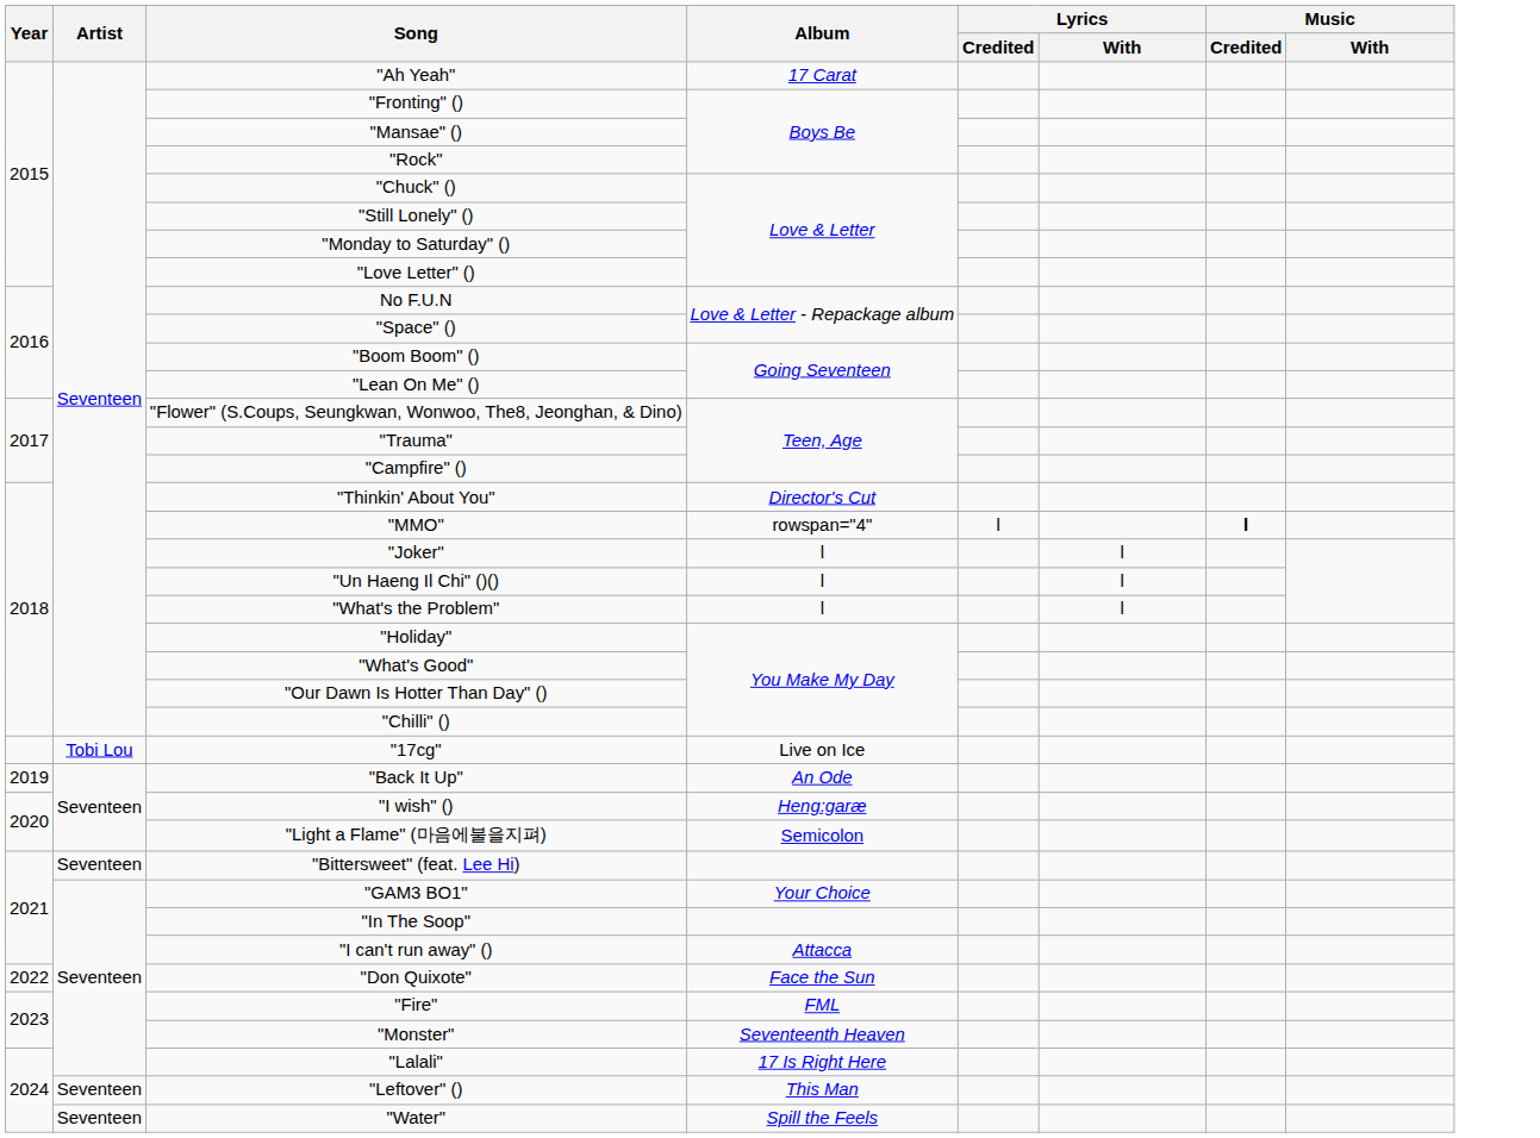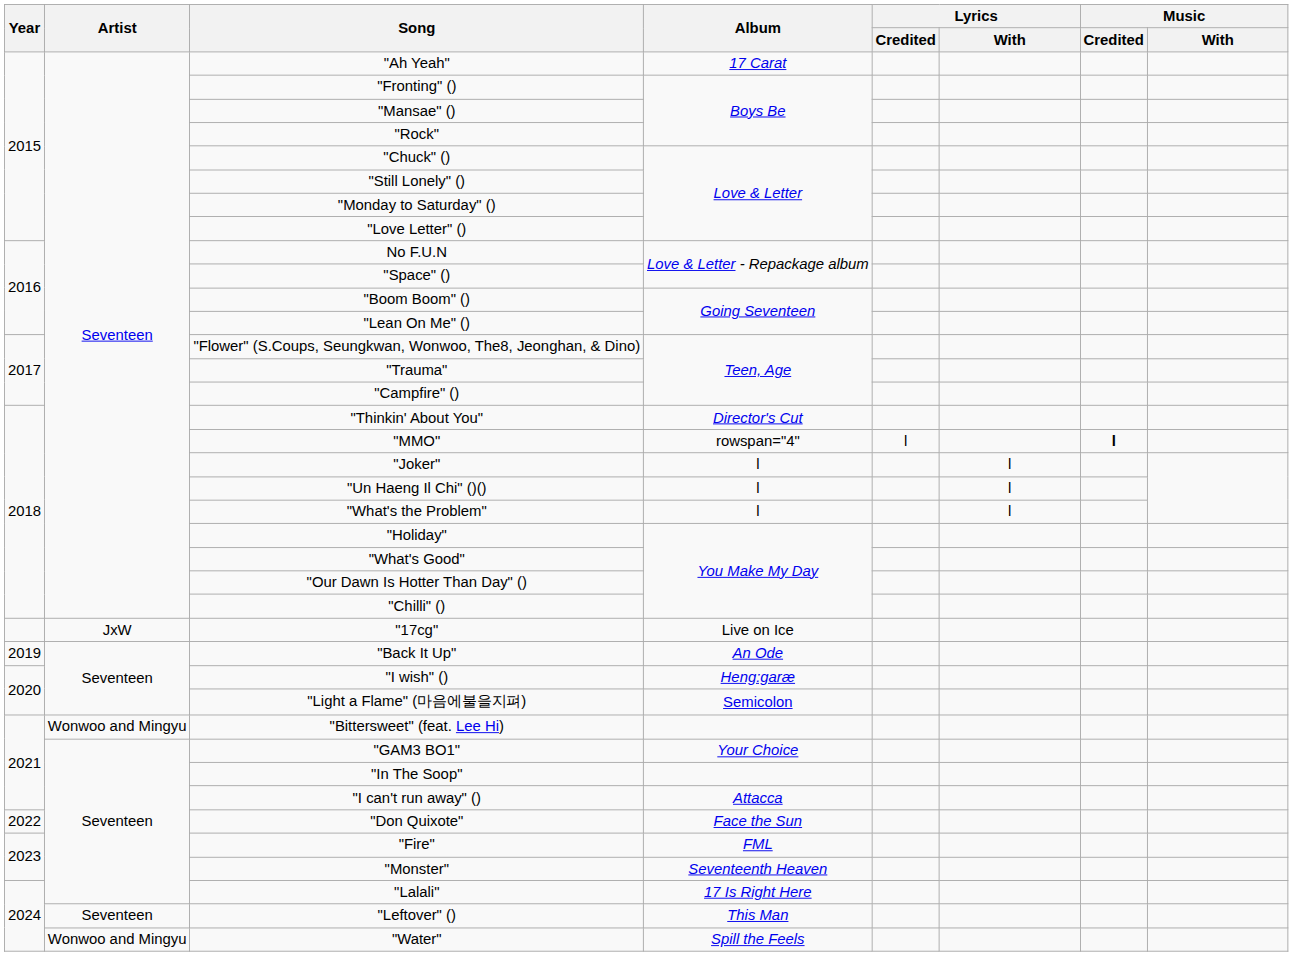 <table class="wikitable plainrowheaders sortable" style="text-align:center; width;100%">
 <tr>
 <th rowspan="2">Year</th>
 <th rowspan="2">Artist</th>
 <th rowspan="2">Song</th>
 <th rowspan="2">Album</th>
 <th colspan="2">Lyrics</th>
 <th colspan="2">Music</th>
 </tr>
 <tr>
 <th style="width:3em;">Credited</th>
 <th style="width:9em;">With</th>
 <th style="width:3em;">Credited</th>
 <th style="width:9em;">With</th>
 </tr>
 <tr>
 <td rowspan="8">2015</td>
 <td rowspan="24"><a href='#'>Seventeen</a></td>
 <td>"Ah Yeah"</td>
 <td><em><a href='#'>17 Carat</a></em></td>
 <td></td>
 <td></td>
 <td></td>
 <td></td>
 </tr>
 <tr>
 <td>"Fronting" () <br></td>
 <td rowspan="3"><em><a href='#'>Boys Be</a></em></td>
 <td></td>
 <td></td>
 <td></td>
 <td></td>
 </tr>
 <tr>
 <td>"Mansae" ()</td>
 <td></td>
 <td></td>
 <td></td>
 <td></td>
 </tr>
 <tr>
 <td>"Rock"</td>
 <td></td>
 <td></td>
 <td></td>
 <td></td>
 </tr>
 <tr>
 <td>"Chuck" ()</td>
 <td rowspan="4"><em><a href='#'>Love & Letter</a></em></td>
 <td></td>
 <td></td>
 <td></td>
 <td></td>
 </tr>
 <tr>
 <td>"Still Lonely" ()</td>
 <td></td>
 <td></td>
 <td></td>
 <td></td>
 </tr>
 <tr>
 <td>"Monday to Saturday" () <br></td>
 <td></td>
 <td></td>
 <td></td>
 <td></td>
 </tr>
 <tr>
 <td>"Love Letter" ()</td>
 <td></td>
 <td></td>
 <td></td>
 <td></td>
 </tr>
 <tr>
 <td rowspan="4">2016</td>
 <td>No F.U.N</td>
 <td rowspan="2"><em><a href='#'>Love & Letter</a> - Repackage album</em></td>
 <td></td>
 <td></td>
 <td></td>
 <td></td>
 </tr>
 <tr>
 <td>"Space" ()</td>
 <td></td>
 <td></td>
 <td></td>
 <td></td>
 </tr>
 <tr>
 <td>"Boom Boom" ()</td>
 <td rowspan="2"><em><a href='#'>Going Seventeen</a></em></td>
 <td></td>
 <td></td>
 <td></td>
 <td></td>
 </tr>
 <tr>
 <td>"Lean On Me" ()<br></td>
 <td></td>
 <td></td>
 <td></td>
 <td></td>
 </tr>
 <tr>
 <td rowspan="3">2017</td>
 <td>"Flower" (S.Coups, Seungkwan, Wonwoo, The8, Jeonghan, & Dino)</td>
 <td rowspan="3"><em><a href='#'>Teen, Age</a></em></td>
 <td></td>
 <td></td>
 <td></td>
 <td></td>
 </tr>
 <tr>
 <td>"Trauma" <br></td>
 <td></td>
 <td></td>
 <td></td>
 <td></td>
 </tr>
 <tr>
 <td>"Campfire" ()</td>
 <td></td>
 <td></td>
 <td></td>
 <td></td>
 </tr>
 <tr>
 <td rowspan="9">2018</td>
 <td>"Thinkin' About You"</td>
 <td><em><a href='#'>Director's Cut</a></em></td>
 <td></td>
 <td></td>
 <td></td>
 <td></td>
 </tr>
 <tr>
 <td>"MMO" <br></td>
 <td>rowspan="4" </td>
 <td>l</td>
 <td></td>
 <td><strong>l</strong></td>
 <td></td>
 </tr>
 <tr>
 <td>"Joker" <br></td>
 <td>l</td>
 <td></td>
 <td>l</td>
 <td></td>
 </tr>
 <tr>
 <td>"Un Haeng Il Chi" ()() <br></td>
 <td>l</td>
 <td></td>
 <td>l</td>
 <td></td>
 </tr>
 <tr>
 <td>"What's the Problem" <br></td>
 <td>l</td>
 <td></td>
 <td>l</td>
 <td></td>
 </tr>
 <tr>
 <td>"Holiday"</td>
 <td rowspan="4"><em><a href='#'>You Make My Day</a></em></td>
 <td></td>
 <td></td>
 <td></td>
 <td></td>
 </tr>
 <tr>
 <td>"What's Good" <br></td>
 <td></td>
 <td></td>
 <td></td>
 <td></td>
 </tr>
 <tr>
 <td>"Our Dawn Is Hotter Than Day" ()</td>
 <td></td>
 <td></td>
 <td></td>
 <td></td>
 </tr>
 <tr>
 <td>"Chilli" () <br></td>
 <td></td>
 <td></td>
 <td></td>
 <td></td>
 </tr>
 <tr>
 <td></td>
-<td><a href='#'>Tobi Lou</a></td>
+<td>JxW</td>
 <td>"17cg"</td>
 <td>Live on Ice</td>
 <td></td>
 <td></td>
 <td></td>
 <td></td>
 </tr>
 <tr>
 <td>2019</td>
 <td rowspan="3">Seventeen</td>
 <td>"Back It Up" <br></td>
 <td><em><a href='#'>An Ode</a></em></td>
 <td></td>
 <td></td>
 <td></td>
 <td></td>
 </tr>
 <tr>
 <td rowspan="2">2020</td>
 <td>"I wish" ()</td>
 <td><em><a href='#'>Heng:garæ</a></em></td>
 <td></td>
 <td></td>
 <td></td>
 <td></td>
 </tr>
 <tr>
 <td>"Light a Flame" (마음에불을지펴)<br></td>
 <td><a href='#'>Semicolon</a></td>
 <td></td>
 <td></td>
 <td></td>
 <td></td>
 </tr>
 <tr>
 <td rowspan="4">2021</td>
-<td>Seventeen</td>
+<td>Wonwoo and Mingyu</td>
 <td>"Bittersweet" (feat. <a href='#'>Lee Hi</a>)</td>
 <td></td>
 <td></td>
 <td></td>
 <td></td>
 <td></td>
 </tr>
 <tr>
 <td rowspan="7">Seventeen</td>
 <td>"GAM3 BO1" <br></td>
 <td><em><a href='#'>Your Choice</a></em></td>
 <td></td>
 <td></td>
 <td></td>
 <td></td>
 </tr>
 <tr>
 <td>"In The Soop"</td>
 <td></td>
 <td></td>
 <td></td>
 <td></td>
 <td></td>
 </tr>
 <tr>
 <td>"I can't run away" ()<br></td>
 <td><a href='#'><em>Attacca</em></a></td>
 <td></td>
 <td></td>
 <td></td>
 <td></td>
 </tr>
 <tr>
 <td>2022</td>
 <td>"Don Quixote"</td>
 <td><em><a href='#'>Face the Sun</a></em></td>
 <td></td>
 <td></td>
 <td></td>
 <td></td>
 </tr>
 <tr>
 <td rowspan="2">2023</td>
 <td>"Fire" <br></td>
 <td><a href='#'><em>FML</em></a></td>
 <td></td>
 <td></td>
 <td></td>
 <td></td>
 </tr>
 <tr>
 <td>"Monster" <br></td>
 <td><em><a href='#'>Seventeenth Heaven</a></em></td>
 <td></td>
 <td></td>
 <td></td>
 <td></td>
 </tr>
 <tr>
 <td rowspan="3">2024</td>
 <td>"Lalali" <br></td>
 <td><em><a href='#'>17 Is Right Here</a></em></td>
 <td></td>
 <td></td>
 <td></td>
 <td></td>
 </tr>
 <tr>
 <td>Seventeen</td>
 <td>"Leftover" ()  <br> </td>
 <td><a href='#'><em>This Man</em></a></td>
 <td></td>
 <td></td>
 <td></td>
 <td></td>
 </tr>
 <tr>
-<td>Seventeen</td>
+<td>Wonwoo and Mingyu</td>
 <td>"Water"<br></td>
 <td><em><a href='#'>Spill the Feels</a></em></td>
 <td></td>
 <td></td>
 <td></td>
 <td></td>
 </tr>
 </table>
